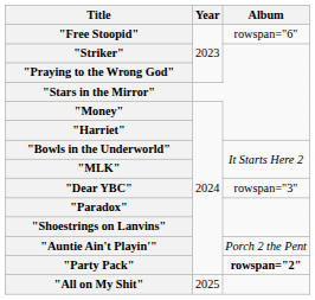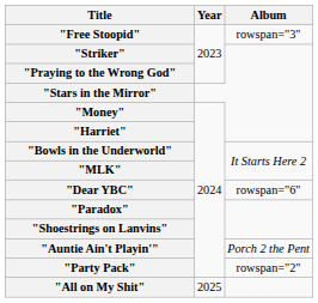 <table class="wikitable plainrowheaders" style="text-align:center;">
 <tr>
 <th scope="col" style="width:15em;">Title</th>
 <th scope="col">Year</th>
 <th scope="col">Album</th>
 </tr>
 <tr>
 <th scope="row">"Free Stoopid"<br></th>
 <td rowspan="3">2023</td>
-<td>rowspan="6" </td>
+<td>rowspan="3" </td>
 </tr>
 <tr>
 <th scope="row">"Striker"<br></th>
 </tr>
 <tr>
 <th scope="row">"Praying to the Wrong God"<br></th>
 </tr>
 <tr>
 <th scope="row">"Stars in the Mirror"<br></th>
 </tr>
 <tr>
 <th scope="row">"Money"<br></th>
 <td rowspan="9">2024</td>
 </tr>
 <tr>
 <th scope="row">"Harriet"<br></th>
 </tr>
 <tr>
 <th scope="row">"Bowls in the Underworld"<br></th>
 <td rowspan="2"><em>It Starts Here 2</em></td>
 </tr>
 <tr>
 <th scope="row">"MLK"<br></th>
 </tr>
 <tr>
 <th scope="row">"Dear YBC"<br></th>
-<td>rowspan="3" </td>
+<td>rowspan="6" </td>
 </tr>
 <tr>
 <th scope="row">"Paradox"<br></th>
 </tr>
 <tr>
 <th scope="row">"Shoestrings on Lanvins"<br></th>
 </tr>
 <tr>
 <th scope="row">"Auntie Ain't Playin'"<br></th>
 <td><em>Porch 2 the Pent</em></td>
 </tr>
 <tr>
 <th scope="row">"Party Pack"<br></th>
-<td><strong>rowspan="2" </strong></td>
+<td>rowspan="2" </td>
 </tr>
 <tr>
 <th scope="row">"All on My Shit"<br></th>
 <td>2025</td>
 </tr>
 </table>
